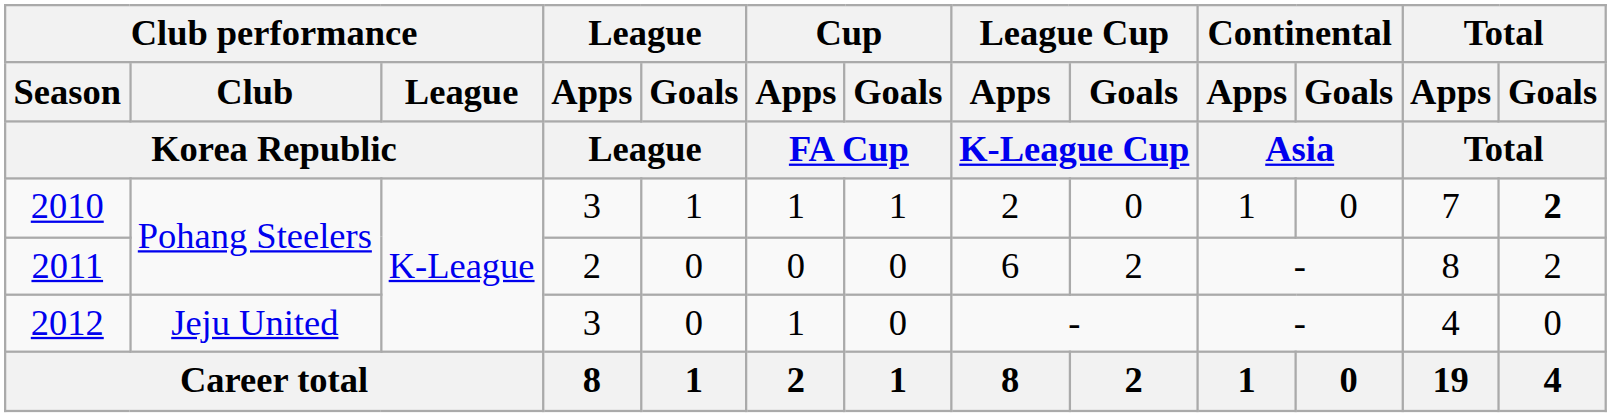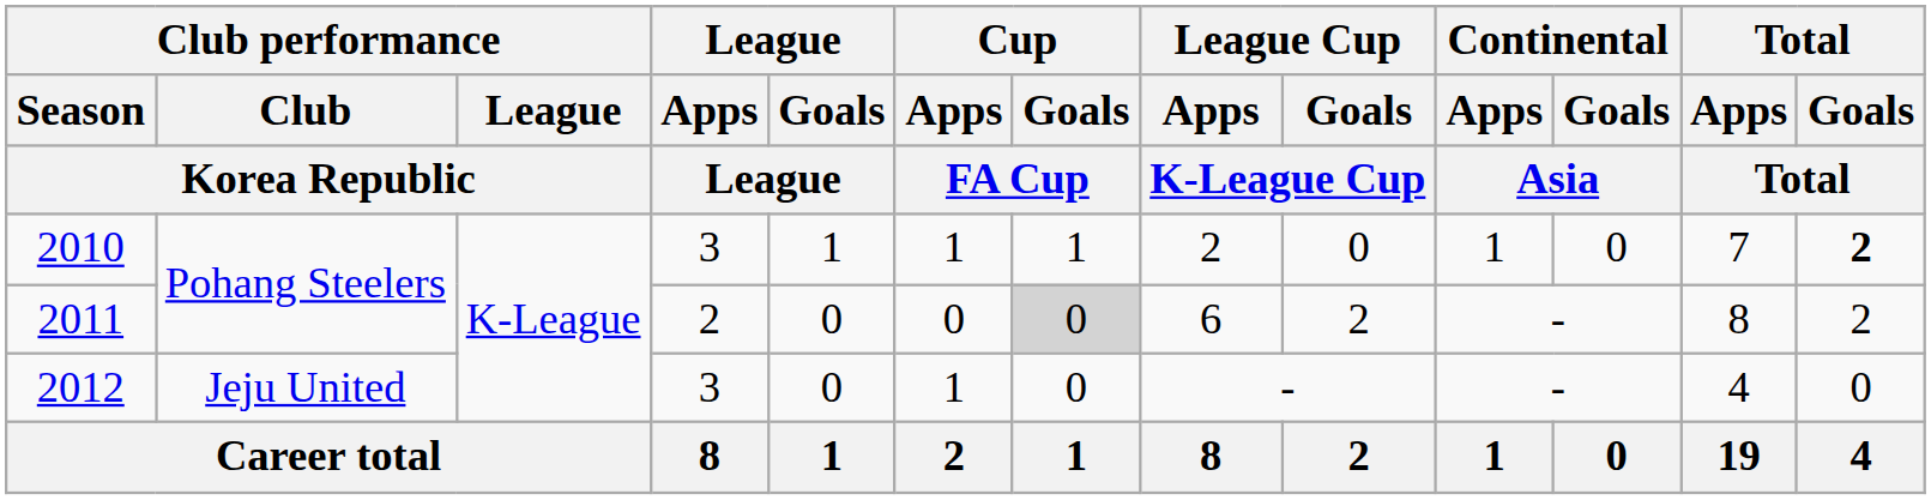 <table class="wikitable" style="text-align:center;">
 <tr>
 <th colspan=3>Club performance</th>
 <th colspan=2>League</th>
 <th colspan=2>Cup</th>
 <th colspan=2>League Cup</th>
 <th colspan=2>Continental</th>
 <th colspan=2>Total</th>
 </tr>
 <tr>
 <th>Season</th>
 <th>Club</th>
 <th>League</th>
 <th>Apps</th>
 <th>Goals</th>
 <th>Apps</th>
 <th>Goals</th>
 <th>Apps</th>
 <th>Goals</th>
 <th>Apps</th>
 <th>Goals</th>
 <th>Apps</th>
 <th>Goals</th>
 </tr>
 <tr>
 <th colspan=3>Korea Republic</th>
 <th colspan=2>League</th>
 <th colspan=2><a href='#'>FA Cup</a></th>
 <th colspan=2><a href='#'>K-League Cup</a></th>
 <th colspan=2><a href='#'>Asia</a></th>
 <th colspan=2>Total</th>
 </tr>
 <tr>
 <td><a href='#'>2010</a></td>
 <td rowspan=2><a href='#'>Pohang Steelers</a></td>
 <td rowspan=3><a href='#'>K-League</a></td>
 <td>3</td>
 <td>1</td>
 <td>1</td>
 <td>1</td>
 <td>2</td>
 <td>0</td>
 <td>1</td>
 <td>0</td>
 <td>7</td>
 <td><strong>2</strong></td>
 </tr>
 <tr>
 <td><a href='#'>2011</a></td>
 <td>2</td>
 <td>0</td>
 <td>0</td>
-<td>0</td>
+<td style="background: lightgrey;">0</td>
 <td>6</td>
 <td>2</td>
 <td colspan="2">-</td>
 <td>8</td>
 <td>2</td>
 </tr>
 <tr>
 <td><a href='#'>2012</a></td>
 <td rowspan=1><a href='#'>Jeju United</a></td>
 <td>3</td>
 <td>0</td>
 <td>1</td>
 <td>0</td>
 <td colspan="2">-</td>
 <td colspan="2">-</td>
 <td>4</td>
 <td>0</td>
 </tr>
 <tr>
 <th colspan=3>Career total</th>
 <th>8</th>
 <th>1</th>
 <th>2</th>
 <th>1</th>
 <th>8</th>
 <th>2</th>
 <th>1</th>
 <th>0</th>
 <th>19</th>
 <th>4</th>
 </tr>
 </table>
